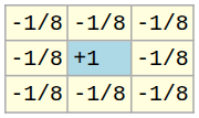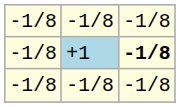 <table class="wikitable">
 <tr>
 <td style="background:lightyellow;">-1/8</td>
 <td style="background:lightyellow;">-1/8</td>
 <td style="background:lightyellow;">-1/8</td>
 </tr>
 <tr>
 <td style="background:lightyellow;">-1/8</td>
 <td style="background:lightblue;">+1</td>
-<td style="background:lightyellow;">-1/8</td>
+<td style="background:lightyellow;"><strong>-1/8</strong></td>
 </tr>
 <tr>
 <td style="background:lightyellow;">-1/8</td>
 <td style="background:lightyellow;">-1/8</td>
 <td style="background:lightyellow;">-1/8</td>
 </tr>
 </table>
